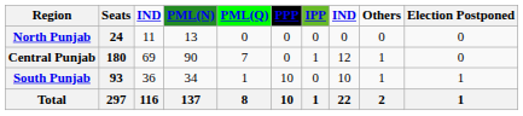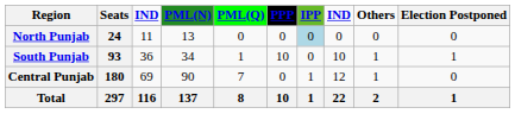 <table class="wikitable sortable" style="text-align:center;">
 <tr>
 <th>Region</th>
 <th>Seats</th>
 <td style="background:"><a href='#'><span><strong>IND</strong></span></a>  </td>
 <td style="background:#228b22;"><a href='#'><span><strong>PML(N)</strong></span></a></td>
 <td style="background:#00ff00;"><a href='#'><span><strong>PML(Q)</strong></span></a></td>
 <td style="background:#000000;"><a href='#'><span><strong>PPP</strong></span></a></td>
 <td style="background:#67ba27;"><a href='#'><span><strong>IPP</strong></span></a></td>
 <td><a href='#'><span><strong>IND</strong></span></a></td>
 <td><span><strong>Others</strong></span></td>
 <th>Election Postponed</th>
 </tr>
 <tr>
 <th><a href='#'>North Punjab</a></th>
 <th>24</th>
 <td>11</td>
 <td style="background:">13</td>
 <td>0</td>
 <td>0</td>
+<td style="background: lightblue;">0</td>
 <td>0</td>
 <td>0</td>
-<td>0</td>
-<td>0</td>
-</tr>
-<tr>
-<th>Central Punjab</th>
-<th>180</th>
-<td>69</td>
-<td style="background:">90</td>
-<td>7</td>
-<td>0</td>
-<td>1</td>
-<td>12</td>
-<td>1</td>
 <td>0</td>
 </tr>
 <tr>
 <th><a href='#'>South Punjab</a></th>
 <th>93</th>
 <td style="background:">36</td>
 <td>34</td>
 <td>1</td>
 <td>10</td>
 <td>0</td>
 <td>10</td>
 <td>1</td>
 <td>1</td>
 </tr>
 <tr>
+<th>Central Punjab</th>
+<th>180</th>
+<td>69</td>
+<td style="background:">90</td>
+<td>7</td>
+<td>0</td>
+<td>1</td>
+<td>12</td>
+<td>1</td>
+<td>0</td>
+</tr>
+<tr>
 <th>Total</th>
 <th>297</th>
 <th>116</th>
 <th>137</th>
 <th>8</th>
 <th>10</th>
 <th>1</th>
 <th>22</th>
 <th>2</th>
 <th>1</th>
 </tr>
 </table>
